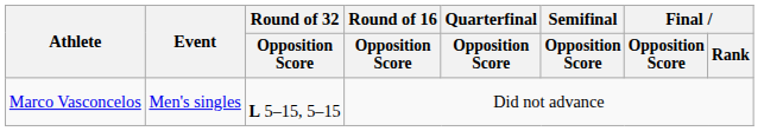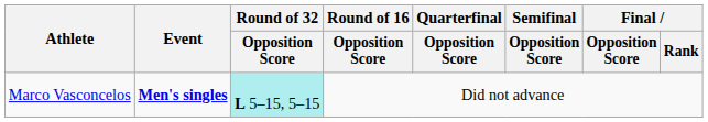 <table class=wikitable style="font-size:90%">
 <tr>
 <th rowspan="2">Athlete</th>
 <th rowspan="2">Event</th>
 <th>Round of 32</th>
 <th>Round of 16</th>
 <th>Quarterfinal</th>
 <th>Semifinal</th>
 <th colspan=2>Final / </th>
 </tr>
 <tr style="font-size:95%">
 <th>Opposition<br>Score</th>
 <th>Opposition<br>Score</th>
 <th>Opposition<br>Score</th>
 <th>Opposition<br>Score</th>
 <th>Opposition<br>Score</th>
 <th>Rank</th>
 </tr>
 <tr align=center>
 <td align=left><a href='#'>Marco Vasconcelos</a></td>
-<td align=left><a href='#'>Men's singles</a></td>
-<td><br><strong>L</strong> 5–15, 5–15</td>
+<td align=left><strong><a href='#'>Men's singles</a></strong></td>
+<td style="background: paleturquoise;"><br><strong>L</strong> 5–15, 5–15</td>
 <td colspan=5>Did not advance</td>
 </tr>
 </table>
